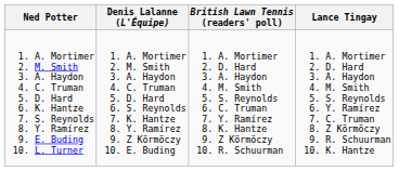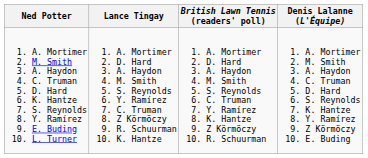 <table class="wikitable">
 <tr>
 <th>Ned Potter</th>
+<th>Lance Tingay<strong></strong></th>
+<th><em>British Lawn Tennis</em><br>(readers' poll)</th>
 <th>Denis Lalanne<br>(<em>L'Équipe)</em></th>
-<th><em>British Lawn Tennis</em><br>(readers' poll)</th>
-<th>Lance Tingay<strong></strong></th>
 </tr>
 <tr style="vertical-align: top;">
 <td style="white-space: nowrap;"><br><ol><li> A. Mortimer</li><li> <a href='#'>M. Smith</a></li><li> A. Haydon</li><li> C. Truman</li><li> D. Hard</li><li> K. Hantze</li><li> S. Reynolds</li><li> Y. Ramírez</li><li> <a href='#'>E. Buding</a></li><li> <a href='#'>L. Turner</a></li></ol></td>
+<td style="white-space: nowrap;"><br><ol><li> A. Mortimer</li><li> D. Hard</li><li> A. Haydon</li><li> M. Smith</li><li> S. Reynolds</li><li> Y. Ramírez</li><li> C. Truman</li><li> Z Körmöczy</li><li> R. Schuurman</li><li> K. Hantze</li></ol></td>
+<td style="white-space: nowrap;"><br><ol><li> A. Mortimer</li><li> D. Hard</li><li> A. Haydon</li><li> M. Smith</li><li> S. Reynolds</li><li> C. Truman</li><li> Y. Ramírez</li><li> K. Hantze</li><li> Z Körmöczy</li><li> R. Schuurman</li></ol></td>
 <td style="white-space: nowrap;"><br><ol><li> A. Mortimer</li><li> M. Smith</li><li> A. Haydon</li><li> C. Truman</li><li> D. Hard</li><li> S. Reynolds</li><li> K. Hantze</li><li> Y. Ramírez</li><li> Z Körmöczy</li><li> E. Buding</li></ol></td>
-<td style="white-space: nowrap;"><br><ol><li> A. Mortimer</li><li> D. Hard</li><li> A. Haydon</li><li> M. Smith</li><li> S. Reynolds</li><li> C. Truman</li><li> Y. Ramírez</li><li> K. Hantze</li><li> Z Körmöczy</li><li> R. Schuurman</li></ol></td>
-<td style="white-space: nowrap;"><br><ol><li> A. Mortimer</li><li> D. Hard</li><li> A. Haydon</li><li> M. Smith</li><li> S. Reynolds</li><li> Y. Ramírez</li><li> C. Truman</li><li> Z Körmöczy</li><li> R. Schuurman</li><li> K. Hantze</li></ol></td>
 </tr>
 </table>
